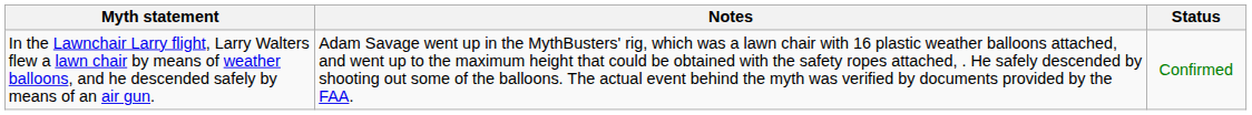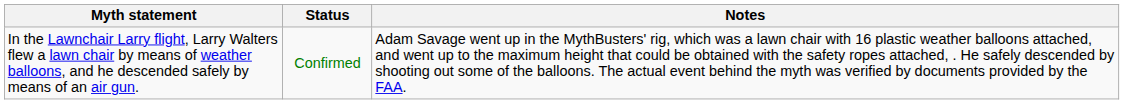 <table class="wikitable" style="width:98%;">
 <tr>
 <th style="width:25%;">Myth statement</th>
+<th style="width:8%;">Status</th>
 <th style="width:67%;">Notes</th>
-<th style="width:8%;">Status</th>
 </tr>
 <tr>
 <td>In the <a href='#'>Lawnchair Larry flight</a>, Larry Walters flew a <a href='#'>lawn chair</a> by means of <a href='#'>weather balloons</a>, and he descended safely by means of an <a href='#'>air gun</a>.</td>
+<td style="color:white; text-align:center; color:green;">Confirmed</td>
 <td>Adam Savage went up in the MythBusters' rig, which was a lawn chair with 16 plastic weather balloons attached, and went up to the maximum height that could be obtained with the safety ropes attached, . He safely descended by shooting out some of the balloons. The actual event behind the myth was verified by documents provided by the <a href='#'>FAA</a>.</td>
-<td style="color:white; text-align:center; color:green;">Confirmed</td>
 </tr>
 </table>
